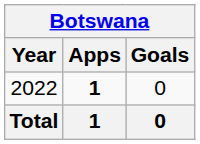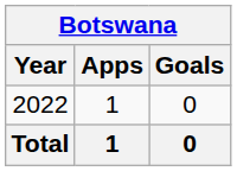 <table class="wikitable" style="text-align:center">
 <tr>
 <th colspan=3><a href='#'>Botswana</a></th>
 </tr>
 <tr>
 <th>Year</th>
 <th>Apps</th>
 <th>Goals</th>
 </tr>
 <tr>
 <td>2022</td>
-<td><strong>1</strong></td>
+<td>1</td>
 <td>0</td>
 </tr>
 <tr>
 <th>Total</th>
 <th>1</th>
 <th>0</th>
 </tr>
 </table>
